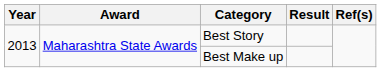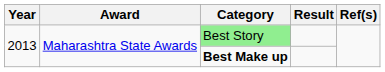 <table class="wikitable">
 <tr>
 <th>Year</th>
 <th>Award</th>
 <th>Category</th>
 <th>Result</th>
 <th>Ref(s)</th>
 </tr>
 <tr>
 <td rowspan="2">2013</td>
 <td rowspan="2"><a href='#'>Maharashtra State Awards</a></td>
-<td>Best Story</td>
+<td style="background: lightgreen;">Best Story</td>
 <td></td>
 <td rowspan="2"></td>
 </tr>
 <tr>
-<td>Best Make up</td>
+<td><strong>Best Make up</strong></td>
 <td></td>
 </tr>
 </table>
